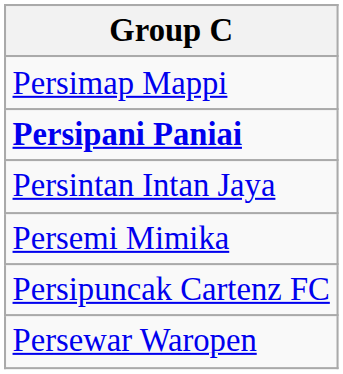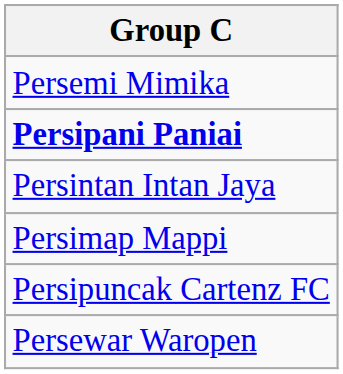 <table class="wikitable">
 <tr>
 <th>Group C</th>
 </tr>
 <tr>
-<td><a href='#'>Persimap Mappi</a></td>
+<td><a href='#'>Persemi Mimika</a></td>
 </tr>
 <tr>
 <td><strong><a href='#'>Persipani Paniai</a></strong></td>
 </tr>
 <tr>
 <td><a href='#'>Persintan Intan Jaya</a></td>
 </tr>
 <tr>
-<td><a href='#'>Persemi Mimika</a></td>
+<td><a href='#'>Persimap Mappi</a></td>
 </tr>
 <tr>
 <td><a href='#'>Persipuncak Cartenz FC</a></td>
 </tr>
 <tr>
 <td><a href='#'>Persewar Waropen</a></td>
 </tr>
 </table>
